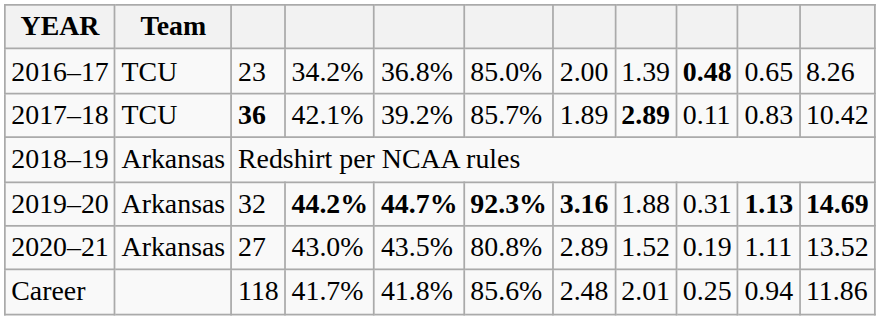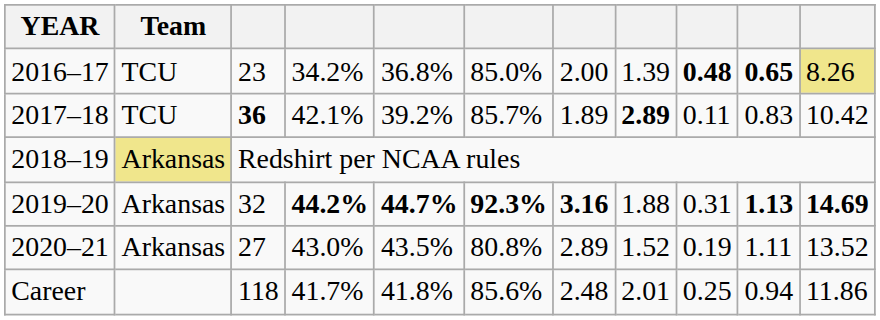 <table class="wikitable">
 <tr>
 <th>YEAR</th>
 <th>Team</th>
 <th scope="col"></th>
 <th scope="col"></th>
 <th scope="col"></th>
 <th scope="col"></th>
 <th scope="col"></th>
 <th scope="col"></th>
 <th scope="col"></th>
 <th scope="col"></th>
 <th scope="col"></th>
 </tr>
 <tr>
 <td>2016–17</td>
 <td>TCU</td>
 <td>23</td>
 <td>34.2%</td>
 <td>36.8%</td>
 <td>85.0%</td>
 <td>2.00</td>
 <td>1.39</td>
 <td><strong>0.48</strong></td>
-<td>0.65</td>
-<td>8.26</td>
+<td><strong>0.65</strong></td>
+<td style="background: khaki;">8.26</td>
 </tr>
 <tr>
 <td>2017–18</td>
 <td>TCU</td>
 <td><strong>36</strong></td>
 <td>42.1%</td>
 <td>39.2%</td>
 <td>85.7%</td>
 <td>1.89</td>
 <td><strong>2.89</strong></td>
 <td>0.11</td>
 <td>0.83</td>
 <td>10.42</td>
 </tr>
 <tr>
 <td>2018–19</td>
-<td>Arkansas</td>
+<td style="background: khaki;">Arkansas</td>
 <td colspan="9">Redshirt per NCAA rules</td>
 </tr>
 <tr>
 <td>2019–20</td>
 <td>Arkansas</td>
 <td>32</td>
 <td><strong>44.2%</strong></td>
 <td><strong>44.7%</strong></td>
 <td><strong>92.3%</strong></td>
 <td><strong>3.16</strong></td>
 <td>1.88</td>
 <td>0.31</td>
 <td><strong>1.13</strong></td>
 <td><strong>14.69</strong></td>
 </tr>
 <tr>
 <td>2020–21</td>
 <td>Arkansas</td>
 <td>27</td>
 <td>43.0%</td>
 <td>43.5%</td>
 <td>80.8%</td>
 <td>2.89</td>
 <td>1.52</td>
 <td>0.19</td>
 <td>1.11</td>
 <td>13.52</td>
 </tr>
 <tr>
 <td>Career</td>
 <td></td>
 <td>118</td>
 <td>41.7%</td>
 <td>41.8%</td>
 <td>85.6%</td>
 <td>2.48</td>
 <td>2.01</td>
 <td>0.25</td>
 <td>0.94</td>
 <td>11.86</td>
 </tr>
 </table>
